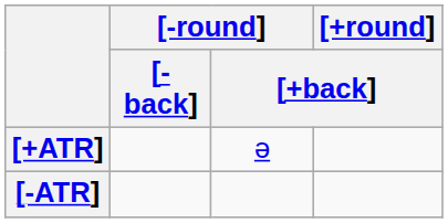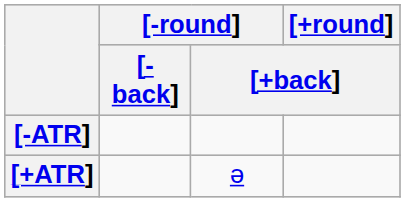 <table class="wikitable" style="text-align: center;">
 <tr>
 <th rowspan=2></th>
 <th colspan=2><a href='#'>[-round</a>]</th>
 <th colspan=1><a href='#'>[+round</a>]</th>
 </tr>
 <tr>
 <th colspan=1><a href='#'>[-back</a>]</th>
 <th colspan=2><a href='#'>[+back</a>]</th>
 </tr>
 <tr>
+<th><a href='#'>[-ATR</a>]</th>
+<td width=50px;></td>
+<td width=50px;></td>
+<td width=50px;></td>
+</tr>
+<tr>
 <th><a href='#'>[+ATR</a>]</th>
 <td width=50px;></td>
 <td width=50px;><a href='#'>ə</a></td>
 <td width=50px;></td>
 </tr>
-<tr>
-<th><a href='#'>[-ATR</a>]</th>
-<td width=50px;></td>
-<td width=50px;></td>
-<td width=50px;></td>
-</tr>
 </table>
